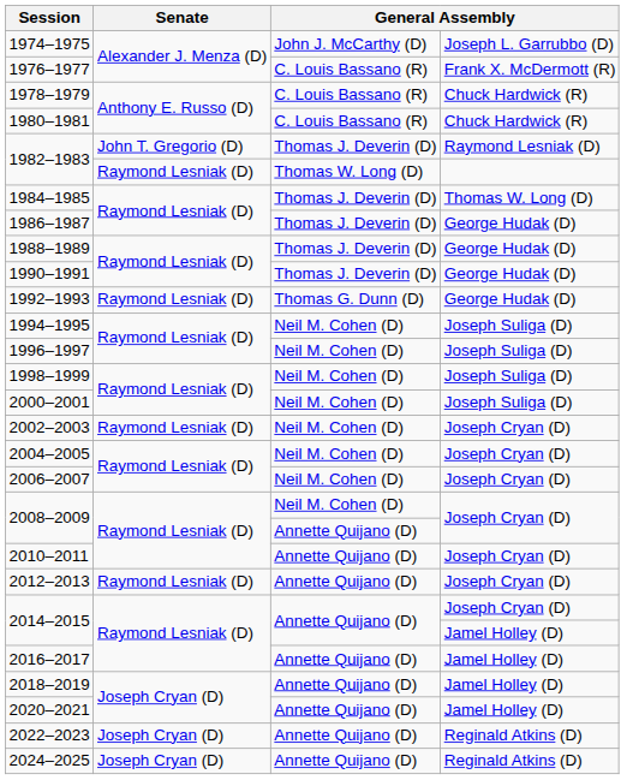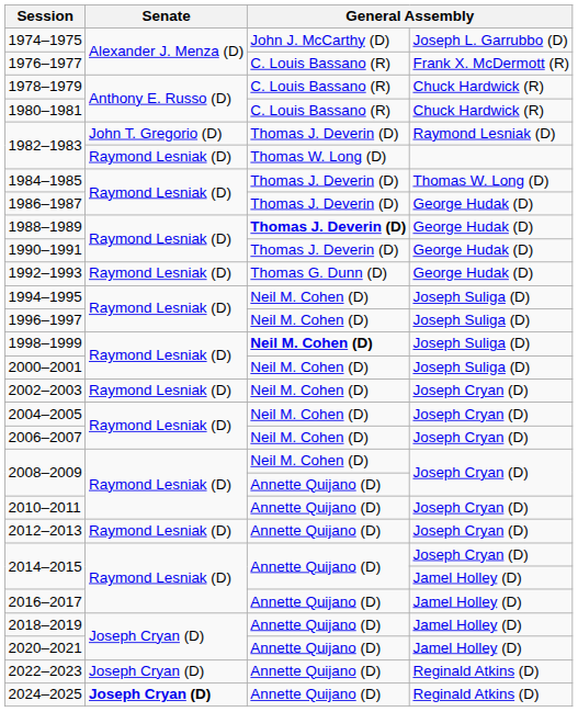 <table class="wikitable">
 <tr>
 <th>Session</th>
 <th>Senate</th>
 <th colspan=2>General Assembly</th>
 </tr>
 <tr>
 <td>1974–1975</td>
 <td rowspan=2 ><a href='#'>Alexander J. Menza</a> (D)</td>
 <td><a href='#'>John J. McCarthy</a> (D)</td>
 <td><a href='#'>Joseph L. Garrubbo</a> (D)</td>
 </tr>
 <tr>
 <td>1976–1977</td>
 <td><a href='#'>C. Louis Bassano</a> (R)</td>
 <td><a href='#'>Frank X. McDermott</a> (R)</td>
 </tr>
 <tr>
 <td>1978–1979</td>
 <td rowspan=2 ><a href='#'>Anthony E. Russo</a> (D)</td>
 <td><a href='#'>C. Louis Bassano</a> (R)</td>
 <td><a href='#'>Chuck Hardwick</a> (R)</td>
 </tr>
 <tr>
 <td>1980–1981</td>
 <td><a href='#'>C. Louis Bassano</a> (R)</td>
 <td><a href='#'>Chuck Hardwick</a> (R)</td>
 </tr>
 <tr>
 <td rowspan=2>1982–1983</td>
 <td><a href='#'>John T. Gregorio</a> (D)</td>
 <td><a href='#'>Thomas J. Deverin</a> (D)</td>
 <td><a href='#'>Raymond Lesniak</a> (D)</td>
 </tr>
 <tr>
 <td><a href='#'>Raymond Lesniak</a> (D)</td>
 <td><a href='#'>Thomas W. Long</a> (D)</td>
 </tr>
 <tr>
 <td>1984–1985</td>
 <td rowspan=2 ><a href='#'>Raymond Lesniak</a> (D)</td>
 <td><a href='#'>Thomas J. Deverin</a> (D)</td>
 <td><a href='#'>Thomas W. Long</a> (D)</td>
 </tr>
 <tr>
 <td>1986–1987</td>
 <td><a href='#'>Thomas J. Deverin</a> (D)</td>
 <td><a href='#'>George Hudak</a> (D)</td>
 </tr>
 <tr>
 <td>1988–1989</td>
 <td !! ! rowspan=2 ><a href='#'>Raymond Lesniak</a> (D)</td>
-<td><a href='#'>Thomas J. Deverin</a> (D)</td>
+<td><strong><a href='#'>Thomas J. Deverin</a> (D)</strong></td>
 <td><a href='#'>George Hudak</a> (D)</td>
 </tr>
 <tr>
 <td>1990–1991</td>
 <td><a href='#'>Thomas J. Deverin</a> (D)</td>
 <td><a href='#'>George Hudak</a> (D)</td>
 </tr>
 <tr>
 <td>1992–1993</td>
 <td><a href='#'>Raymond Lesniak</a> (D)</td>
 <td><a href='#'>Thomas G. Dunn</a> (D)</td>
 <td><a href='#'>George Hudak</a> (D)</td>
 </tr>
 <tr>
 <td>1994–1995</td>
 <td rowspan=2 ><a href='#'>Raymond Lesniak</a> (D)</td>
 <td><a href='#'>Neil M. Cohen</a> (D)</td>
 <td><a href='#'>Joseph Suliga</a> (D)</td>
 </tr>
 <tr>
 <td>1996–1997</td>
 <td><a href='#'>Neil M. Cohen</a> (D)</td>
 <td><a href='#'>Joseph Suliga</a> (D)</td>
 </tr>
 <tr>
 <td>1998–1999</td>
 <td rowspan=2 ><a href='#'>Raymond Lesniak</a> (D)</td>
-<td><a href='#'>Neil M. Cohen</a> (D)</td>
+<td><strong><a href='#'>Neil M. Cohen</a> (D)</strong></td>
 <td><a href='#'>Joseph Suliga</a> (D)</td>
 </tr>
 <tr>
 <td>2000–2001</td>
 <td><a href='#'>Neil M. Cohen</a> (D)</td>
 <td><a href='#'>Joseph Suliga</a> (D)</td>
 </tr>
 <tr>
 <td>2002–2003</td>
 <td><a href='#'>Raymond Lesniak</a> (D)</td>
 <td><a href='#'>Neil M. Cohen</a> (D)</td>
 <td><a href='#'>Joseph Cryan</a> (D)</td>
 </tr>
 <tr>
 <td>2004–2005</td>
 <td !! ! rowspan=2 ><a href='#'>Raymond Lesniak</a> (D)</td>
 <td><a href='#'>Neil M. Cohen</a> (D)</td>
 <td><a href='#'>Joseph Cryan</a> (D)</td>
 </tr>
 <tr>
 <td>2006–2007</td>
 <td><a href='#'>Neil M. Cohen</a> (D)</td>
 <td><a href='#'>Joseph Cryan</a> (D)</td>
 </tr>
 <tr>
 <td rowspan=2>2008–2009</td>
 <td rowspan=3 ><a href='#'>Raymond Lesniak</a> (D)</td>
 <td><a href='#'>Neil M. Cohen</a> (D)</td>
 <td rowspan=2 ><a href='#'>Joseph Cryan</a> (D)</td>
 </tr>
 <tr>
 <td><a href='#'>Annette Quijano</a> (D)</td>
 </tr>
 <tr>
 <td>2010–2011</td>
 <td><a href='#'>Annette Quijano</a> (D)</td>
 <td><a href='#'>Joseph Cryan</a> (D)</td>
 </tr>
 <tr>
 <td>2012–2013</td>
 <td><a href='#'>Raymond Lesniak</a> (D)</td>
 <td><a href='#'>Annette Quijano</a> (D)</td>
 <td><a href='#'>Joseph Cryan</a> (D)</td>
 </tr>
 <tr>
 <td rowspan=2>2014–2015</td>
 <td rowspan=3 ><a href='#'>Raymond Lesniak</a> (D)</td>
 <td rowspan=2 ><a href='#'>Annette Quijano</a> (D)</td>
 <td><a href='#'>Joseph Cryan</a> (D)</td>
 </tr>
 <tr>
 <td><a href='#'>Jamel Holley</a> (D)</td>
 </tr>
 <tr>
 <td>2016–2017</td>
 <td><a href='#'>Annette Quijano</a> (D)</td>
 <td><a href='#'>Jamel Holley</a> (D)</td>
 </tr>
 <tr>
 <td>2018–2019</td>
 <td rowspan=2 ><a href='#'>Joseph Cryan</a> (D)</td>
 <td><a href='#'>Annette Quijano</a> (D)</td>
 <td><a href='#'>Jamel Holley</a> (D)</td>
 </tr>
 <tr>
 <td>2020–2021</td>
 <td><a href='#'>Annette Quijano</a> (D)</td>
 <td><a href='#'>Jamel Holley</a> (D)</td>
 </tr>
 <tr>
 <td>2022–2023</td>
 <td><a href='#'>Joseph Cryan</a> (D)</td>
 <td><a href='#'>Annette Quijano</a> (D)</td>
 <td><a href='#'>Reginald Atkins</a> (D)</td>
 </tr>
 <tr>
 <td>2024–2025</td>
-<td><a href='#'>Joseph Cryan</a> (D)</td>
+<td><strong><a href='#'>Joseph Cryan</a> (D)</strong></td>
 <td><a href='#'>Annette Quijano</a> (D)</td>
 <td><a href='#'>Reginald Atkins</a> (D)</td>
 </tr>
 </table>
